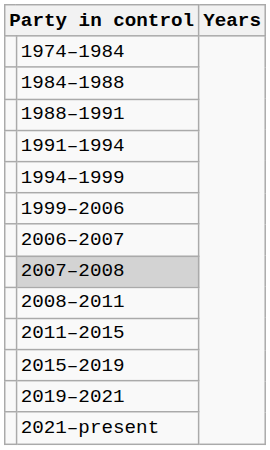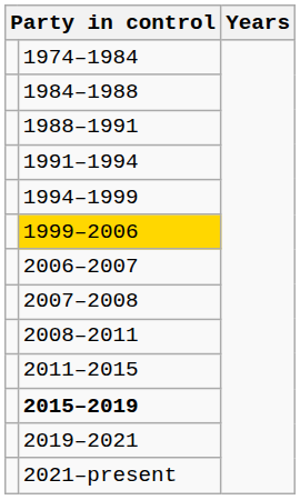 <table class="wikitable">
 <tr>
 <th colspan="2">Party in control</th>
 <th>Years</th>
 </tr>
 <tr>
 <td></td>
 <td>1974–1984</td>
 </tr>
 <tr>
 <td></td>
 <td>1984–1988</td>
 </tr>
 <tr>
 <td></td>
 <td>1988–1991</td>
 </tr>
 <tr>
 <td></td>
 <td>1991–1994</td>
 </tr>
 <tr>
 <td></td>
 <td>1994–1999</td>
 </tr>
 <tr>
 <td></td>
-<td>1999–2006</td>
+<td style="background: gold;">1999–2006</td>
 </tr>
 <tr>
 <td></td>
 <td>2006–2007</td>
 </tr>
 <tr>
 <td></td>
-<td style="background: lightgrey;">2007–2008</td>
+<td>2007–2008</td>
 </tr>
 <tr>
 <td></td>
 <td>2008–2011</td>
 </tr>
 <tr>
 <td></td>
 <td>2011–2015</td>
 </tr>
 <tr>
 <td></td>
-<td>2015–2019</td>
+<td><strong>2015–2019</strong></td>
 </tr>
 <tr>
 <td></td>
 <td>2019–2021</td>
 </tr>
 <tr>
 <td></td>
 <td>2021–present</td>
 </tr>
 </table>
